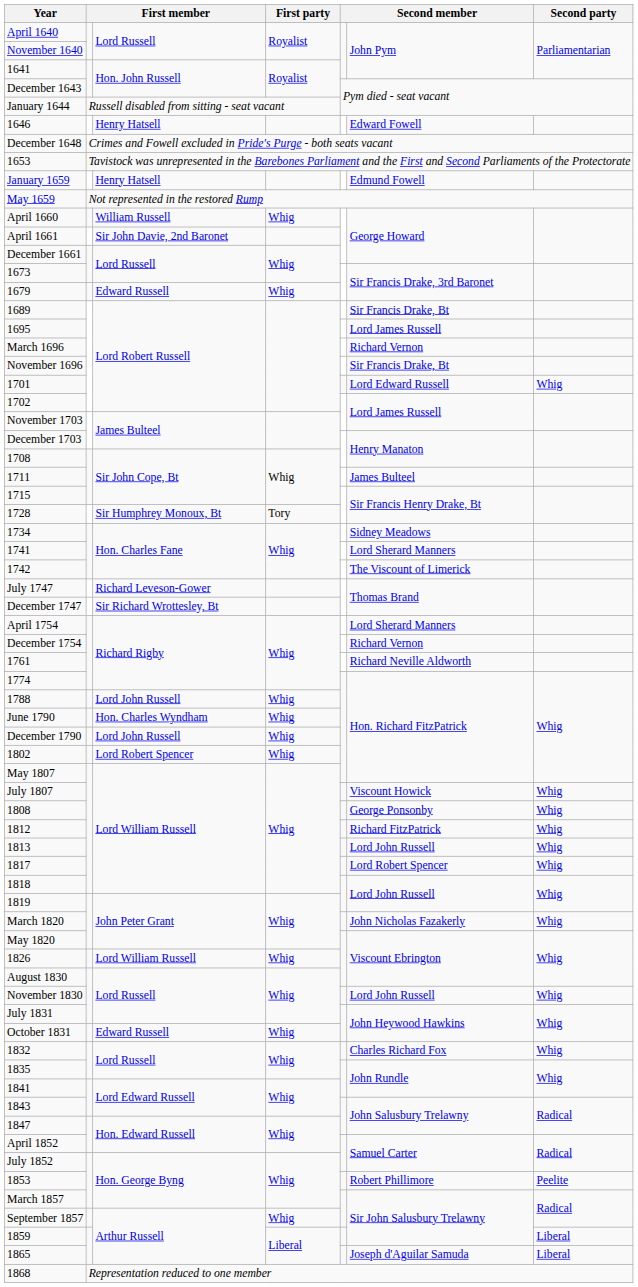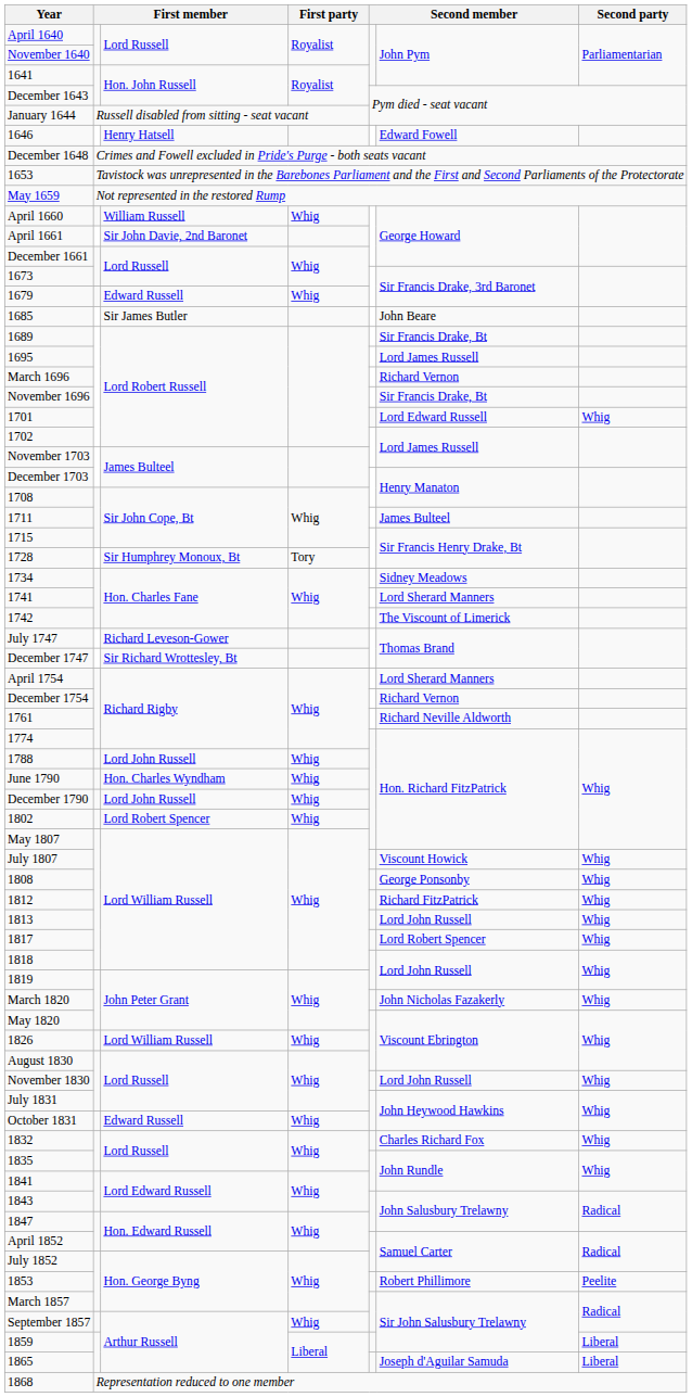 <table class="wikitable">
 <tr>
 <th>Year</th>
 <th colspan="2">First member</th>
 <th>First party</th>
 <th colspan="2">Second member</th>
 <th>Second party</th>
 </tr>
 <tr>
 <td><a href='#'>April 1640</a></td>
 <td rowspan="2" style="color:inherit;background-color: "></td>
 <td rowspan="2"><a href='#'>Lord Russell</a></td>
 <td rowspan="2"><a href='#'>Royalist</a></td>
 <td rowspan="3" style="color:inherit;background-color: "></td>
 <td rowspan="3"><a href='#'>John Pym</a></td>
 <td rowspan="3"><a href='#'>Parliamentarian</a></td>
 </tr>
 <tr>
 <td><a href='#'>November 1640</a></td>
 </tr>
 <tr>
 <td>1641</td>
 <td rowspan="2" style="color:inherit;background-color: "></td>
 <td rowspan="2"><a href='#'>Hon. John Russell</a></td>
 <td rowspan="2"><a href='#'>Royalist</a></td>
 </tr>
 <tr>
 <td>December 1643</td>
 <td rowspan="2" colspan="3"><em>Pym died - seat vacant</em></td>
 </tr>
 <tr>
 <td>January 1644</td>
 <td colspan="3"><em>Russell disabled from sitting - seat vacant</em></td>
 </tr>
 <tr>
 <td>1646</td>
 <td style="color:inherit;background-color: white"></td>
 <td><a href='#'>Henry Hatsell</a></td>
 <td></td>
 <td style="color:inherit;background-color: white"></td>
 <td><a href='#'>Edward Fowell</a></td>
 <td></td>
 </tr>
 <tr>
 <td>December 1648</td>
 <td colspan="6"><em>Crimes and Fowell excluded in <a href='#'>Pride's Purge</a> - both seats vacant</em></td>
 </tr>
 <tr>
 <td>1653</td>
 <td colspan="6"><em>Tavistock was unrepresented in the <a href='#'>Barebones Parliament</a> and the <a href='#'>First</a> and <a href='#'>Second</a> Parliaments of the Protectorate</em></td>
 </tr>
 <tr>
-<td><a href='#'>January 1659</a></td>
-<td style="color:inherit;background-color: white"></td>
-<td><a href='#'>Henry Hatsell</a></td>
-<td></td>
-<td style="color:inherit;background-color: white"></td>
-<td><a href='#'>Edmund Fowell</a></td>
-<td></td>
-</tr>
-<tr>
 <td><a href='#'>May 1659</a></td>
 <td colspan="6"><em>Not represented in the restored <a href='#'>Rump</a></em></td>
 </tr>
 <tr>
 <td>April 1660</td>
 <td style="color:inherit;background-color: "></td>
 <td><a href='#'>William Russell</a></td>
 <td><a href='#'>Whig</a></td>
 <td rowspan="3" style="color:inherit;background-color: white"></td>
 <td rowspan="3"><a href='#'>George Howard</a></td>
 <td rowspan="3"></td>
 </tr>
 <tr>
 <td>April 1661</td>
 <td style="color:inherit;background-color: white"></td>
 <td><a href='#'>Sir John Davie, 2nd Baronet</a></td>
 <td></td>
 </tr>
 <tr>
 <td>December 1661</td>
 <td rowspan="2" style="color:inherit;background-color: "></td>
 <td rowspan="2"><a href='#'>Lord Russell</a></td>
 <td rowspan="2"><a href='#'>Whig</a></td>
 </tr>
 <tr>
 <td>1673</td>
 <td rowspan="2" style="color:inherit;background-color: white"></td>
 <td rowspan="2"><a href='#'>Sir Francis Drake, 3rd Baronet</a></td>
 <td rowspan="2"></td>
 </tr>
 <tr>
 <td>1679</td>
 <td style="color:inherit;background-color: "></td>
 <td><a href='#'>Edward Russell</a></td>
 <td><a href='#'>Whig</a></td>
+</tr>
+<tr>
+<td>1685</td>
+<td style="color:inherit;background-color: white"></td>
+<td>Sir James Butler</td>
+<td></td>
+<td style="color:inherit;background-color: white"></td>
+<td>John Beare</td>
+<td></td>
 </tr>
 <tr>
 <td>1689</td>
 <td rowspan="6" style="color:inherit;background-color: white"></td>
 <td rowspan="6"><a href='#'>Lord Robert Russell</a></td>
 <td rowspan="6"></td>
 <td style="color:inherit;background-color: white"></td>
 <td><a href='#'>Sir Francis Drake, Bt</a></td>
 <td></td>
 </tr>
 <tr>
 <td>1695</td>
 <td style="color:inherit;background-color: white"></td>
 <td><a href='#'>Lord James Russell</a></td>
 <td></td>
 </tr>
 <tr>
 <td>March 1696</td>
 <td style="color:inherit;background-color: white"></td>
 <td><a href='#'>Richard Vernon</a></td>
 <td></td>
 </tr>
 <tr>
 <td>November 1696</td>
 <td style="color:inherit;background-color: white"></td>
 <td><a href='#'>Sir Francis Drake, Bt</a></td>
 <td></td>
 </tr>
 <tr>
 <td>1701</td>
 <td style="color:inherit;background-color: "></td>
 <td><a href='#'>Lord Edward Russell</a></td>
 <td><a href='#'>Whig</a></td>
 </tr>
 <tr>
 <td>1702</td>
 <td rowspan="2" style="color:inherit;background-color: white"></td>
 <td rowspan="2"><a href='#'>Lord James Russell</a></td>
 <td rowspan="2"></td>
 </tr>
 <tr>
 <td>November 1703</td>
 <td rowspan="2" style="color:inherit;background-color: white"></td>
 <td rowspan="2"><a href='#'>James Bulteel</a></td>
 <td rowspan="2"></td>
 </tr>
 <tr>
 <td>December 1703</td>
 <td rowspan="2" style="color:inherit;background-color: white"></td>
 <td rowspan="2"><a href='#'>Henry Manaton</a></td>
 <td rowspan="2"></td>
 </tr>
 <tr>
 <td>1708</td>
 <td rowspan="3" style="color:inherit;background-color: "></td>
 <td rowspan="3"><a href='#'>Sir John Cope, Bt</a></td>
 <td rowspan="3">Whig</td>
 </tr>
 <tr>
 <td>1711</td>
 <td style="color:inherit;background-color: white"></td>
 <td><a href='#'>James Bulteel</a></td>
 <td></td>
 </tr>
 <tr>
 <td>1715</td>
 <td rowspan="2" style="color:inherit;background-color: white"></td>
 <td rowspan="2"><a href='#'>Sir Francis Henry Drake, Bt</a></td>
 <td rowspan="2"></td>
 </tr>
 <tr>
 <td>1728</td>
 <td style="color:inherit;background-color: white"></td>
 <td><a href='#'>Sir Humphrey Monoux, Bt</a></td>
 <td>Tory</td>
 </tr>
 <tr>
 <td>1734</td>
 <td rowspan="3" style="color:inherit;background-color: "></td>
 <td rowspan="3"><a href='#'>Hon. Charles Fane</a></td>
 <td rowspan="3"><a href='#'>Whig</a></td>
 <td style="color:inherit;background-color: white"></td>
 <td><a href='#'>Sidney Meadows</a></td>
 <td></td>
 </tr>
 <tr>
 <td>1741</td>
 <td style="color:inherit;background-color: white"></td>
 <td><a href='#'>Lord Sherard Manners</a></td>
 <td></td>
 </tr>
 <tr>
 <td>1742</td>
 <td style="color:inherit;background-color: white"></td>
 <td><a href='#'>The Viscount of Limerick</a></td>
 <td></td>
 </tr>
 <tr>
 <td>July 1747</td>
 <td style="color:inherit;background-color: white"></td>
 <td><a href='#'>Richard Leveson-Gower</a></td>
 <td></td>
 <td rowspan="2" style="color:inherit;background-color: white"></td>
 <td rowspan="2"><a href='#'>Thomas Brand</a></td>
 <td rowspan="2"></td>
 </tr>
 <tr>
 <td>December 1747</td>
 <td style="color:inherit;background-color: white"></td>
 <td><a href='#'>Sir Richard Wrottesley, Bt</a></td>
 <td></td>
 </tr>
 <tr>
 <td>April 1754</td>
 <td rowspan="4" style="color:inherit;background-color: "></td>
 <td rowspan="4"><a href='#'>Richard Rigby</a></td>
 <td rowspan="4"><a href='#'>Whig</a></td>
 <td style="color:inherit;background-color: white"></td>
 <td><a href='#'>Lord Sherard Manners</a></td>
 <td></td>
 </tr>
 <tr>
 <td>December 1754</td>
 <td style="color:inherit;background-color: white"></td>
 <td><a href='#'>Richard Vernon</a></td>
 <td></td>
 </tr>
 <tr>
 <td>1761</td>
 <td style="color:inherit;background-color: white"></td>
 <td><a href='#'>Richard Neville Aldworth</a></td>
 <td></td>
 </tr>
 <tr>
 <td>1774</td>
 <td rowspan="6" style="color:inherit;background-color: "></td>
 <td rowspan="6"><a href='#'>Hon. Richard FitzPatrick</a></td>
 <td rowspan="6"><a href='#'>Whig</a></td>
 </tr>
 <tr>
 <td>1788</td>
 <td style="color:inherit;background-color: "></td>
 <td><a href='#'>Lord John Russell</a></td>
 <td><a href='#'>Whig</a></td>
 </tr>
 <tr>
 <td>June 1790</td>
 <td style="color:inherit;background-color: "></td>
 <td><a href='#'>Hon. Charles Wyndham</a></td>
 <td><a href='#'>Whig</a></td>
 </tr>
 <tr>
 <td>December 1790</td>
 <td style="color:inherit;background-color: "></td>
 <td><a href='#'>Lord John Russell</a></td>
 <td><a href='#'>Whig</a></td>
 </tr>
 <tr>
 <td>1802</td>
 <td style="color:inherit;background-color: "></td>
 <td><a href='#'>Lord Robert Spencer</a></td>
 <td><a href='#'>Whig</a></td>
 </tr>
 <tr>
 <td>May 1807</td>
 <td rowspan="7" style="color:inherit;background-color: "></td>
 <td rowspan="7"><a href='#'>Lord William Russell</a></td>
 <td rowspan="7"><a href='#'>Whig</a></td>
 </tr>
 <tr>
 <td>July 1807</td>
 <td style="color:inherit;background-color: "></td>
 <td><a href='#'>Viscount Howick</a></td>
 <td><a href='#'>Whig</a></td>
 </tr>
 <tr>
 <td>1808</td>
 <td style="color:inherit;background-color: "></td>
 <td><a href='#'>George Ponsonby</a></td>
 <td><a href='#'>Whig</a></td>
 </tr>
 <tr>
 <td>1812</td>
 <td style="color:inherit;background-color: "></td>
 <td><a href='#'>Richard FitzPatrick</a></td>
 <td><a href='#'>Whig</a></td>
 </tr>
 <tr>
 <td>1813</td>
 <td style="color:inherit;background-color: "></td>
 <td><a href='#'>Lord John Russell</a></td>
 <td><a href='#'>Whig</a></td>
 </tr>
 <tr>
 <td>1817</td>
 <td style="color:inherit;background-color: "></td>
 <td><a href='#'>Lord Robert Spencer</a></td>
 <td><a href='#'>Whig</a></td>
 </tr>
 <tr>
 <td>1818</td>
 <td rowspan="2" style="color:inherit;background-color: "></td>
 <td rowspan="2"><a href='#'>Lord John Russell</a></td>
 <td rowspan="2"><a href='#'>Whig</a></td>
 </tr>
 <tr>
 <td>1819</td>
 <td rowspan="3" style="color:inherit;background-color: "></td>
 <td rowspan="3"><a href='#'>John Peter Grant</a></td>
 <td rowspan="3"><a href='#'>Whig</a></td>
 </tr>
 <tr>
 <td>March 1820</td>
 <td style="color:inherit;background-color: "></td>
 <td><a href='#'>John Nicholas Fazakerly</a></td>
 <td><a href='#'>Whig</a></td>
 </tr>
 <tr>
 <td>May 1820</td>
 <td rowspan="3" style="color:inherit;background-color: "></td>
 <td rowspan="3"><a href='#'>Viscount Ebrington</a></td>
 <td rowspan="3"><a href='#'>Whig</a></td>
 </tr>
 <tr>
 <td>1826</td>
 <td style="color:inherit;background-color: "></td>
 <td><a href='#'>Lord William Russell</a></td>
 <td><a href='#'>Whig</a></td>
 </tr>
 <tr>
 <td>August 1830</td>
 <td rowspan="3" style="color:inherit;background-color: "></td>
 <td rowspan="3"><a href='#'>Lord Russell</a></td>
 <td rowspan="3"><a href='#'>Whig</a></td>
 </tr>
 <tr>
 <td>November 1830</td>
 <td style="color:inherit;background-color: "></td>
 <td><a href='#'>Lord John Russell</a></td>
 <td><a href='#'>Whig</a></td>
 </tr>
 <tr>
 <td>July 1831</td>
 <td rowspan="2" style="color:inherit;background-color: "></td>
 <td rowspan="2"><a href='#'>John Heywood Hawkins</a></td>
 <td rowspan="2"><a href='#'>Whig</a></td>
 </tr>
 <tr>
 <td>October 1831</td>
 <td style="color:inherit;background-color: "></td>
 <td><a href='#'>Edward Russell</a></td>
 <td><a href='#'>Whig</a></td>
 </tr>
 <tr>
 <td>1832</td>
 <td rowspan="2" style="color:inherit;background-color: "></td>
 <td rowspan="2"><a href='#'>Lord Russell</a></td>
 <td rowspan="2"><a href='#'>Whig</a></td>
 <td style="color:inherit;background-color: "></td>
 <td><a href='#'>Charles Richard Fox</a></td>
 <td><a href='#'>Whig</a></td>
 </tr>
 <tr>
 <td>1835</td>
 <td rowspan="2" style="color:inherit;background-color: "></td>
 <td rowspan="2"><a href='#'>John Rundle</a></td>
 <td rowspan="2"><a href='#'>Whig</a></td>
 </tr>
 <tr>
 <td>1841</td>
 <td rowspan="2" style="color:inherit;background-color: "></td>
 <td rowspan="2"><a href='#'>Lord Edward Russell</a></td>
 <td rowspan="2"><a href='#'>Whig</a></td>
 </tr>
 <tr>
 <td>1843</td>
 <td rowspan="2" style="color:inherit;background-color: "></td>
 <td rowspan="2"><a href='#'>John Salusbury Trelawny</a></td>
 <td rowspan="2"><a href='#'>Radical</a></td>
 </tr>
 <tr>
 <td>1847</td>
 <td rowspan="2" style="color:inherit;background-color: "></td>
 <td rowspan="2"><a href='#'>Hon. Edward Russell</a></td>
 <td rowspan="2"><a href='#'>Whig</a></td>
 </tr>
 <tr>
 <td>April 1852</td>
 <td rowspan="2" style="color:inherit;background-color: "></td>
 <td rowspan="2"><a href='#'>Samuel Carter</a></td>
 <td rowspan="2"><a href='#'>Radical</a></td>
 </tr>
 <tr>
 <td>July 1852</td>
 <td rowspan="3" style="color:inherit;background-color: "></td>
 <td rowspan="3"><a href='#'>Hon. George Byng</a></td>
 <td rowspan="3"><a href='#'>Whig</a></td>
 </tr>
 <tr>
 <td>1853</td>
 <td style="color:inherit;background-color: "></td>
 <td><a href='#'>Robert Phillimore</a></td>
 <td><a href='#'>Peelite</a></td>
 </tr>
 <tr>
 <td>March 1857</td>
 <td rowspan="2" style="color:inherit;background-color: "></td>
 <td rowspan="3"><a href='#'>Sir John Salusbury Trelawny</a></td>
 <td rowspan="2"><a href='#'>Radical</a></td>
 </tr>
 <tr>
 <td>September 1857</td>
 <td style="color:inherit;background-color: "></td>
 <td rowspan="3"><a href='#'>Arthur Russell</a></td>
 <td><a href='#'>Whig</a></td>
 </tr>
 <tr>
 <td>1859</td>
 <td rowspan="2" style="color:inherit;background-color: "></td>
 <td rowspan="2"><a href='#'>Liberal</a></td>
 <td style="color:inherit;background-color: "></td>
 <td><a href='#'>Liberal</a></td>
 </tr>
 <tr>
 <td>1865</td>
 <td style="color:inherit;background-color: "></td>
 <td><a href='#'>Joseph d'Aguilar Samuda</a></td>
 <td><a href='#'>Liberal</a></td>
 </tr>
 <tr>
 <td>1868</td>
 <td colspan="6"><em>Representation reduced to one member</em></td>
 </tr>
 </table>
